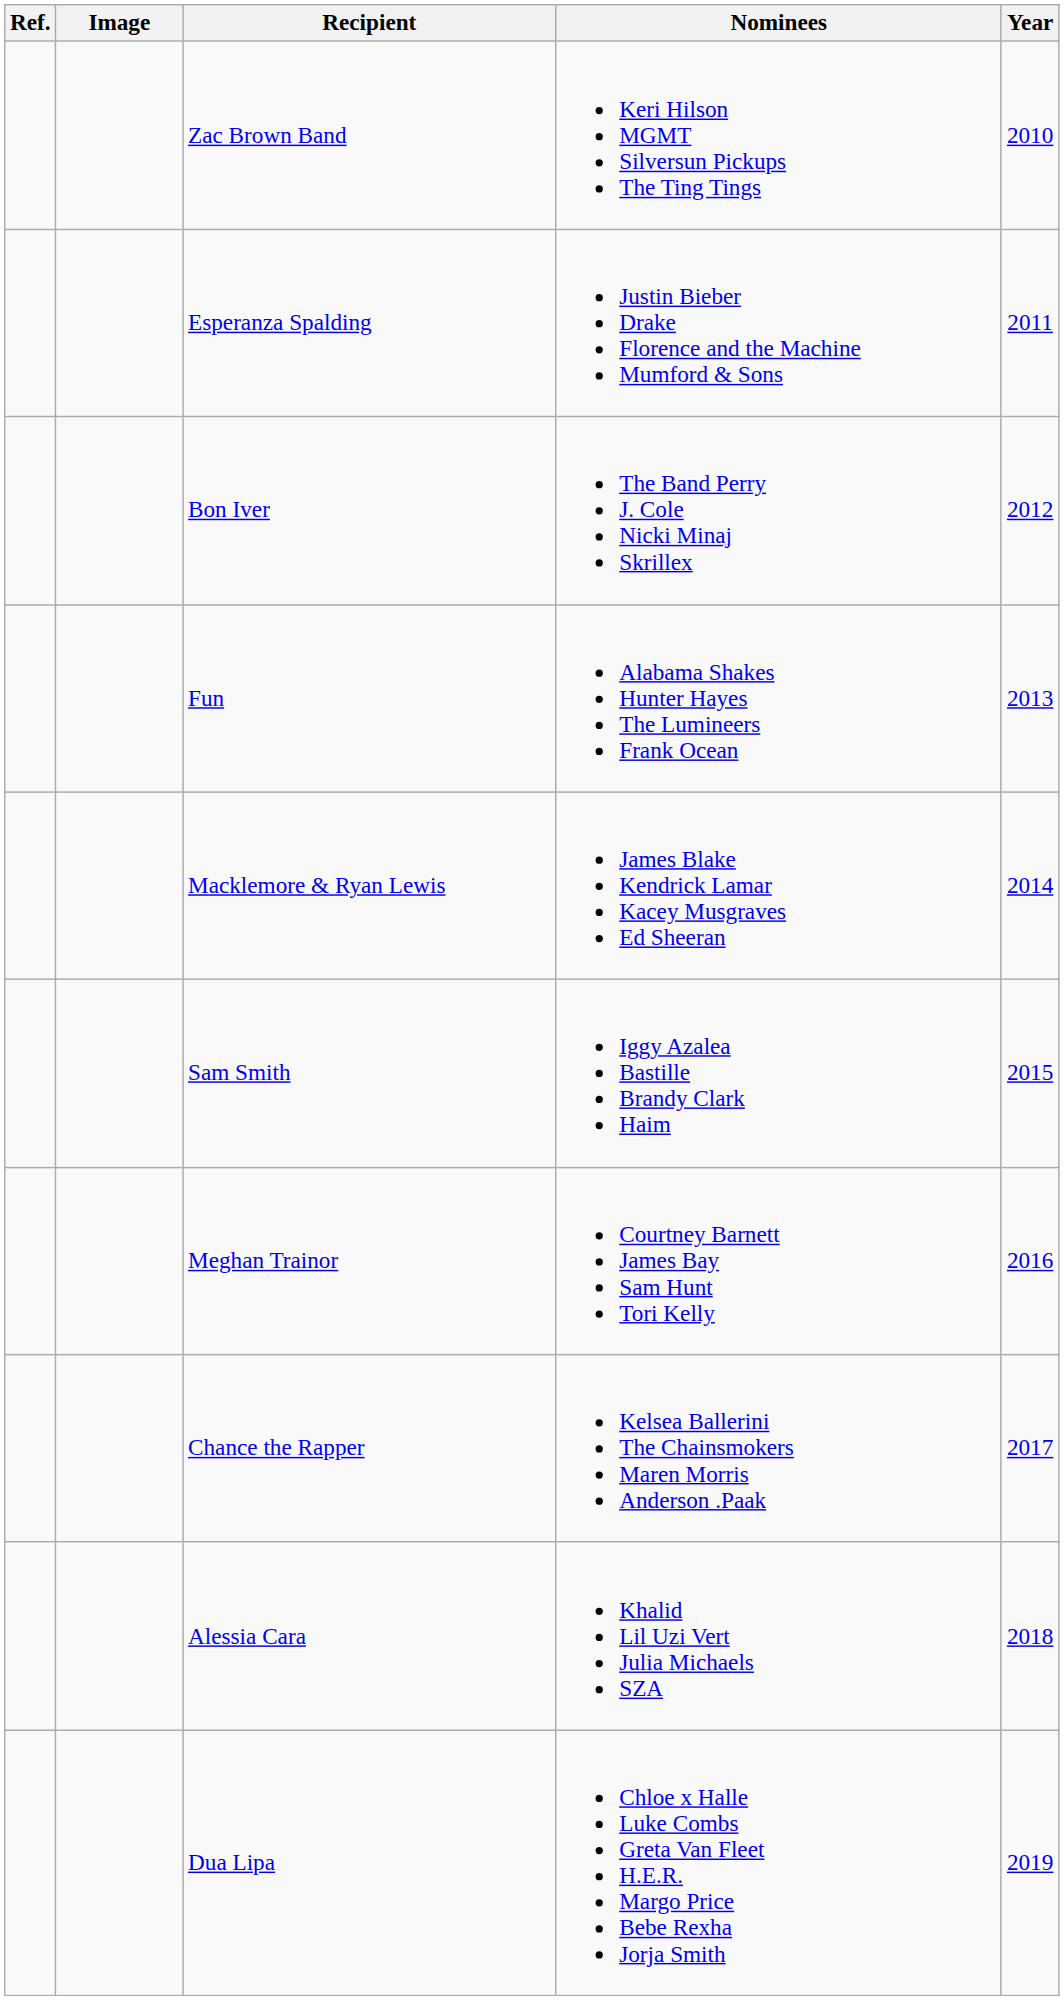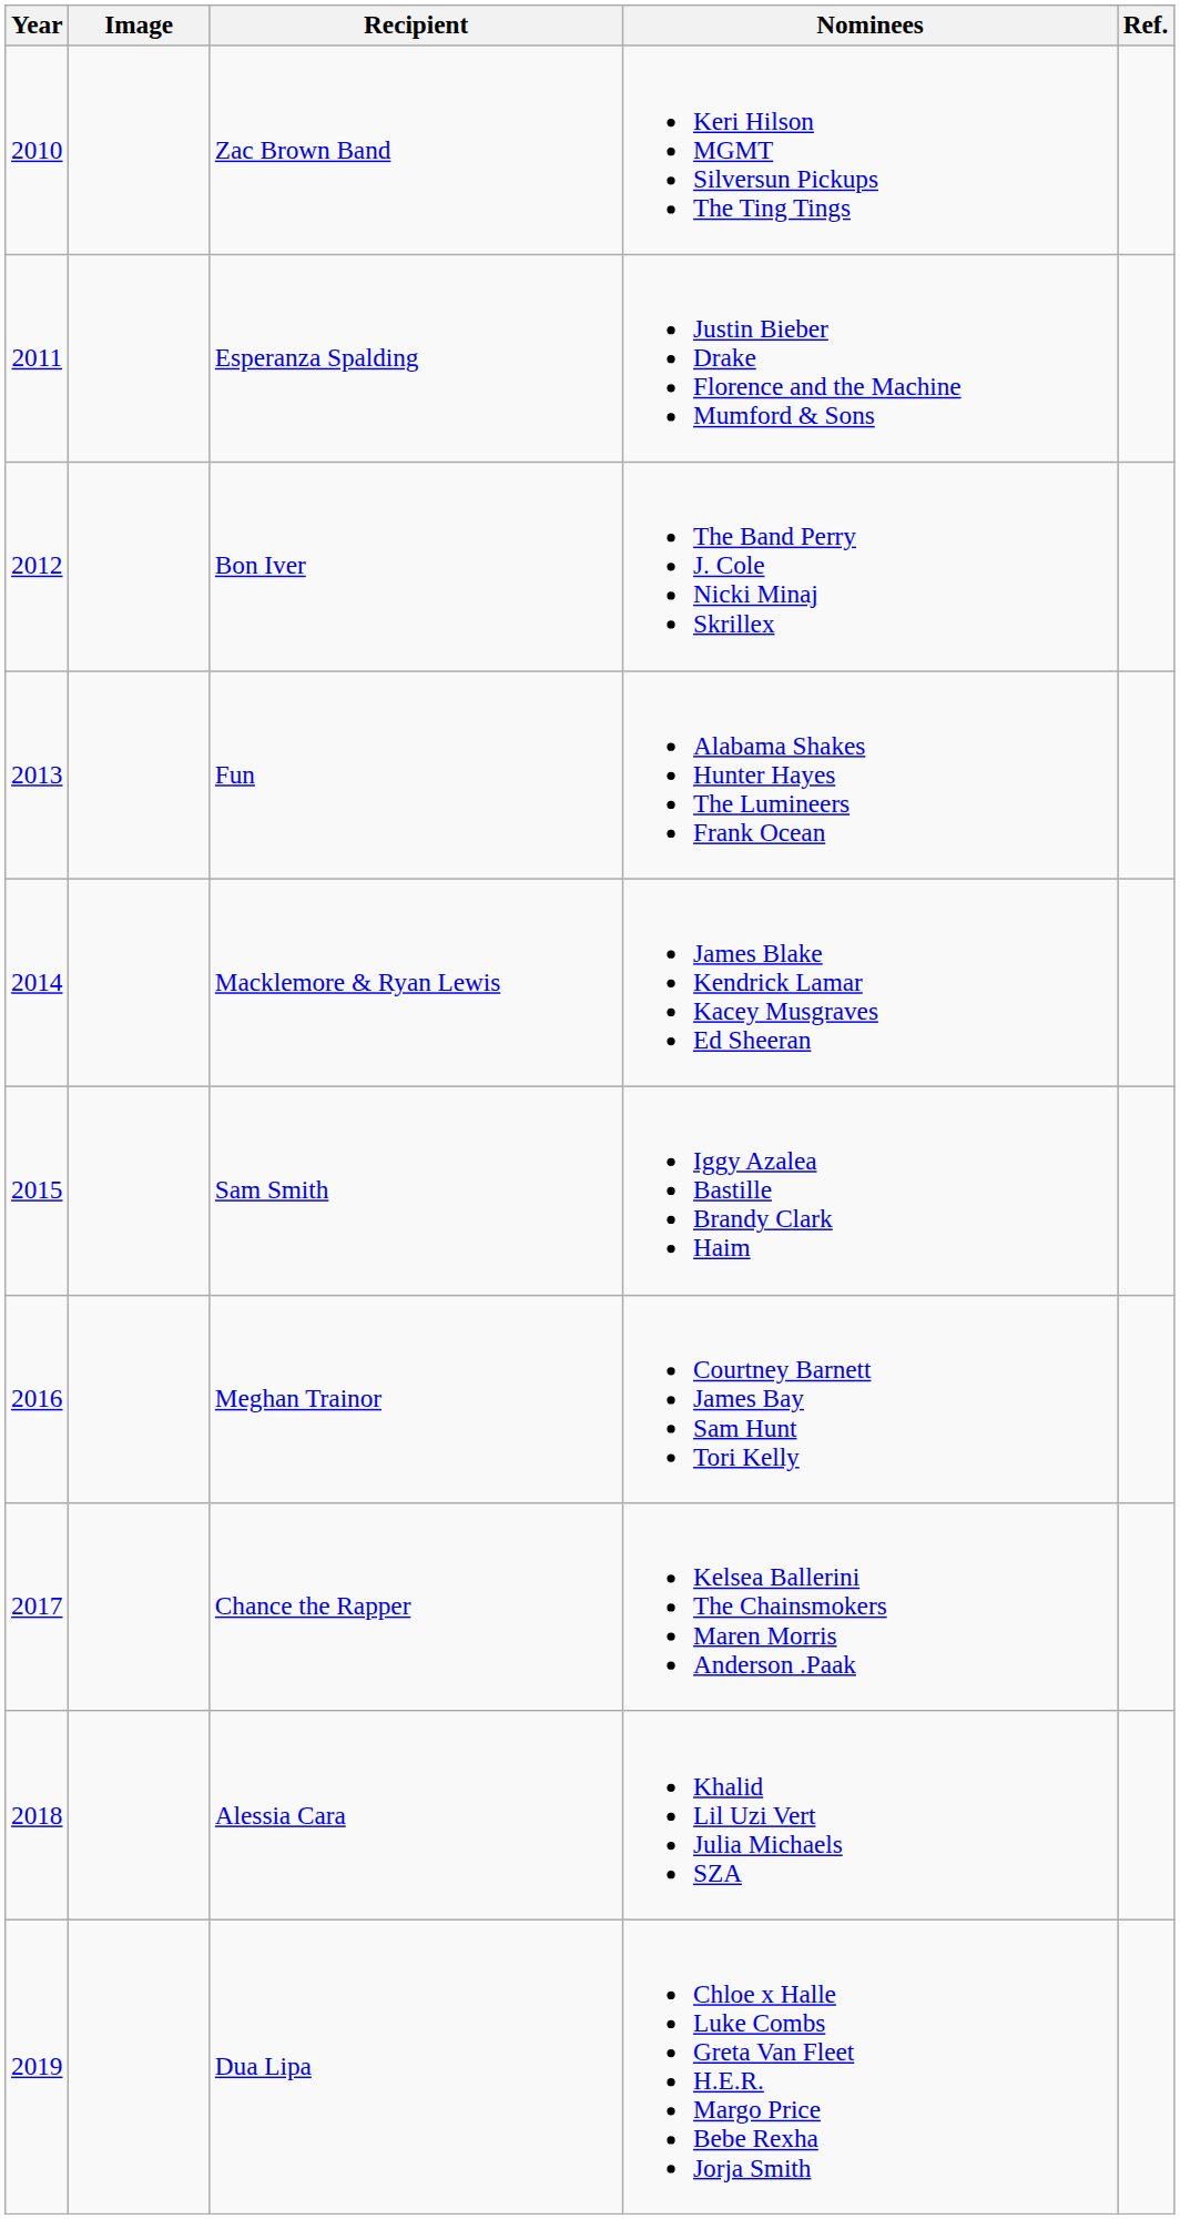 <table class="wikitable sortable">
 <tr>
-<th scope="col" bgcolor="#efefef" class=unsortable>Ref.</th>
+<th scope="col" bgcolor="#efefef">Year</th>
 <th scope="col" bgcolor="#efefef" width=80px>Image</th>
 <th scope="col" bgcolor="#efefef" width=250px>Recipient</th>
 <th scope="col" bgcolor="#efefef" width=300px class=unsortable>Nominees</th>
-<th scope="col" bgcolor="#efefef">Year</th>
+<th scope="col" bgcolor="#efefef" class=unsortable>Ref.</th>
 </tr>
 <tr>
-<td align="center"></td>
+<td scope="row" align="center"><a href='#'>2010</a></td>
 <td align="center"></td>
 <td><a href='#'>Zac Brown Band</a></td>
 <td><br><ul><li><a href='#'>Keri Hilson</a></li><li><a href='#'>MGMT</a></li><li><a href='#'>Silversun Pickups</a></li><li><a href='#'>The Ting Tings</a></li></ul></td>
-<td scope="row" align="center"><a href='#'>2010</a></td>
+<td align="center"></td>
 </tr>
 <tr>
-<td align="center"></td>
+<td scope="row" align="center"><a href='#'>2011</a></td>
 <td align="center"></td>
 <td><a href='#'>Esperanza Spalding</a></td>
 <td><br><ul><li><a href='#'>Justin Bieber</a></li><li><a href='#'>Drake</a></li><li><a href='#'>Florence and the Machine</a></li><li><a href='#'>Mumford & Sons</a></li></ul></td>
-<td scope="row" align="center"><a href='#'>2011</a></td>
+<td align="center"></td>
 </tr>
 <tr>
-<td align="center"></td>
+<td scope="row" align="center"><a href='#'>2012</a></td>
 <td align="center"></td>
 <td><a href='#'>Bon Iver</a></td>
 <td><br><ul><li><a href='#'>The Band Perry</a></li><li><a href='#'>J. Cole</a></li><li><a href='#'>Nicki Minaj</a></li><li><a href='#'>Skrillex</a></li></ul></td>
-<td scope="row" align="center"><a href='#'>2012</a></td>
+<td align="center"></td>
 </tr>
 <tr>
-<td align="center"></td>
+<td scope="row" align="center"><a href='#'>2013</a></td>
 <td align="center"></td>
 <td><a href='#'>Fun</a></td>
 <td><br><ul><li><a href='#'>Alabama Shakes</a></li><li><a href='#'>Hunter Hayes</a></li><li><a href='#'>The Lumineers</a></li><li><a href='#'>Frank Ocean</a></li></ul></td>
-<td scope="row" align="center"><a href='#'>2013</a></td>
+<td align="center"></td>
 </tr>
 <tr>
-<td align="center"></td>
+<td scope="row" align="center"><a href='#'>2014</a></td>
 <td align="center"></td>
 <td><a href='#'>Macklemore & Ryan Lewis</a></td>
 <td><br><ul><li><a href='#'>James Blake</a></li><li><a href='#'>Kendrick Lamar</a></li><li><a href='#'>Kacey Musgraves</a></li><li><a href='#'>Ed Sheeran</a></li></ul></td>
-<td scope="row" align="center"><a href='#'>2014</a></td>
+<td align="center"></td>
 </tr>
 <tr>
-<td align="center"></td>
+<td scope="row" align="center"><a href='#'>2015</a></td>
 <td align="center"></td>
 <td><a href='#'>Sam Smith</a></td>
 <td><br><ul><li><a href='#'>Iggy Azalea</a></li><li><a href='#'>Bastille</a></li><li><a href='#'>Brandy Clark</a></li><li><a href='#'>Haim</a></li></ul></td>
-<td scope="row" align="center"><a href='#'>2015</a></td>
+<td align="center"></td>
 </tr>
 <tr>
-<td align="center"></td>
+<td scope="row" align="center"><a href='#'>2016</a></td>
 <td align="center"></td>
 <td><a href='#'>Meghan Trainor</a></td>
 <td><br><ul><li><a href='#'>Courtney Barnett</a></li><li><a href='#'>James Bay</a></li><li><a href='#'>Sam Hunt</a></li><li><a href='#'>Tori Kelly</a></li></ul></td>
-<td scope="row" align="center"><a href='#'>2016</a></td>
+<td align="center"></td>
 </tr>
 <tr>
-<td align="center"></td>
+<td scope="row" align="center"><a href='#'>2017</a></td>
 <td align="center"></td>
 <td><a href='#'>Chance the Rapper</a></td>
 <td><br><ul><li><a href='#'>Kelsea Ballerini</a></li><li><a href='#'>The Chainsmokers</a></li><li><a href='#'>Maren Morris</a></li><li><a href='#'>Anderson .Paak</a></li></ul></td>
-<td scope="row" align="center"><a href='#'>2017</a></td>
+<td align="center"></td>
 </tr>
 <tr>
-<td align="center"></td>
+<td scope="row" align="center"><a href='#'>2018</a></td>
 <td align="center"></td>
 <td><a href='#'>Alessia Cara</a></td>
 <td><br><ul><li><a href='#'>Khalid</a></li><li><a href='#'>Lil Uzi Vert</a></li><li><a href='#'>Julia Michaels</a></li><li><a href='#'>SZA</a></li></ul></td>
-<td scope="row" align="center"><a href='#'>2018</a></td>
+<td align="center"></td>
 </tr>
 <tr>
-<td align="center"></td>
+<td scope="row" align="center"><a href='#'>2019</a></td>
 <td align="center"></td>
 <td><a href='#'>Dua Lipa</a></td>
 <td><br><ul><li><a href='#'>Chloe x Halle</a></li><li><a href='#'>Luke Combs</a></li><li><a href='#'>Greta Van Fleet</a></li><li><a href='#'>H.E.R.</a></li><li><a href='#'>Margo Price</a></li><li><a href='#'>Bebe Rexha</a></li><li><a href='#'>Jorja Smith</a></li></ul></td>
-<td scope="row" align="center"><a href='#'>2019</a></td>
+<td align="center"></td>
 </tr>
 </table>
